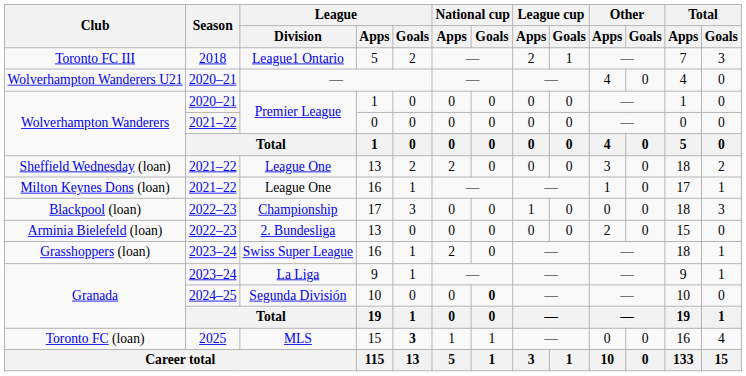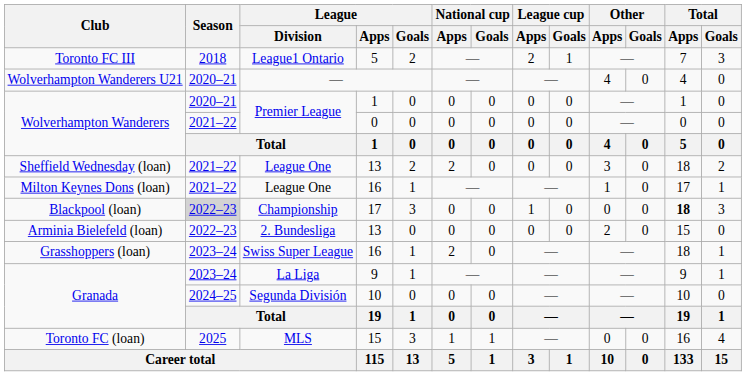 <table class="wikitable" style="text-align:center">
 <tr>
 <th rowspan="2">Club</th>
 <th rowspan="2">Season</th>
 <th colspan="3">League</th>
 <th colspan="2">National cup</th>
 <th colspan="2">League cup</th>
 <th colspan="2">Other</th>
 <th colspan="2">Total</th>
 </tr>
 <tr>
 <th>Division</th>
 <th>Apps</th>
 <th>Goals</th>
 <th>Apps</th>
 <th>Goals</th>
 <th>Apps</th>
 <th>Goals</th>
 <th>Apps</th>
 <th>Goals</th>
 <th>Apps</th>
 <th>Goals</th>
 </tr>
 <tr>
 <td><a href='#'>Toronto FC III</a></td>
 <td><a href='#'>2018</a></td>
 <td><a href='#'>League1 Ontario</a></td>
 <td>5</td>
 <td>2</td>
 <td colspan="2">—</td>
 <td>2</td>
 <td>1</td>
 <td colspan="2">—</td>
 <td>7</td>
 <td>3</td>
 </tr>
 <tr>
 <td><a href='#'>Wolverhampton Wanderers U21</a></td>
 <td><a href='#'>2020–21</a></td>
 <td colspan="3">—</td>
 <td colspan="2">—</td>
 <td colspan="2">—</td>
 <td>4</td>
 <td>0</td>
 <td>4</td>
 <td>0</td>
 </tr>
 <tr>
 <td rowspan="3"><a href='#'>Wolverhampton Wanderers</a></td>
 <td><a href='#'>2020–21</a></td>
 <td rowspan="2"><a href='#'>Premier League</a></td>
 <td>1</td>
 <td>0</td>
 <td>0</td>
 <td>0</td>
 <td>0</td>
 <td>0</td>
 <td colspan="2">—</td>
 <td>1</td>
 <td>0</td>
 </tr>
 <tr>
 <td><a href='#'>2021–22</a></td>
 <td>0</td>
 <td>0</td>
 <td>0</td>
 <td>0</td>
 <td>0</td>
 <td>0</td>
 <td colspan="2">—</td>
 <td>0</td>
 <td>0</td>
 </tr>
 <tr>
 <th colspan="2">Total</th>
 <th>1</th>
 <th>0</th>
 <th>0</th>
 <th>0</th>
 <th>0</th>
 <th>0</th>
 <th>4</th>
 <th>0</th>
 <th>5</th>
 <th>0</th>
 </tr>
 <tr>
 <td><a href='#'>Sheffield Wednesday</a> (loan)</td>
 <td><a href='#'>2021–22</a></td>
 <td><a href='#'>League One</a></td>
 <td>13</td>
 <td>2</td>
 <td>2</td>
 <td>0</td>
 <td>0</td>
 <td>0</td>
 <td>3</td>
 <td>0</td>
 <td>18</td>
 <td>2</td>
 </tr>
 <tr>
 <td><a href='#'>Milton Keynes Dons</a> (loan)</td>
 <td><a href='#'>2021–22</a></td>
 <td>League One</td>
 <td>16</td>
 <td>1</td>
 <td colspan="2">—</td>
 <td colspan="2">—</td>
 <td>1</td>
 <td>0</td>
 <td>17</td>
 <td>1</td>
 </tr>
 <tr>
 <td><a href='#'>Blackpool</a> (loan)</td>
-<td><a href='#'>2022–23</a></td>
+<td style="background: lightgrey;"><a href='#'>2022–23</a></td>
 <td><a href='#'>Championship</a></td>
 <td>17</td>
 <td>3</td>
 <td>0</td>
 <td>0</td>
 <td>1</td>
 <td>0</td>
 <td>0</td>
 <td>0</td>
-<td>18</td>
+<td><strong>18</strong></td>
 <td>3</td>
 </tr>
 <tr>
 <td><a href='#'>Arminia Bielefeld</a> (loan)</td>
 <td><a href='#'>2022–23</a></td>
 <td><a href='#'>2. Bundesliga</a></td>
 <td>13</td>
 <td>0</td>
 <td>0</td>
 <td>0</td>
 <td>0</td>
 <td>0</td>
 <td>2</td>
 <td>0</td>
 <td>15</td>
 <td>0</td>
 </tr>
 <tr>
 <td><a href='#'>Grasshoppers</a> (loan)</td>
 <td><a href='#'>2023–24</a></td>
 <td><a href='#'>Swiss Super League</a></td>
 <td>16</td>
 <td>1</td>
 <td>2</td>
 <td>0</td>
 <td colspan="2">—</td>
 <td colspan="2">—</td>
 <td>18</td>
 <td>1</td>
 </tr>
 <tr>
 <td rowspan="3"><a href='#'>Granada</a></td>
 <td><a href='#'>2023–24</a></td>
 <td><a href='#'>La Liga</a></td>
 <td>9</td>
 <td>1</td>
 <td colspan="2">—</td>
 <td colspan="2">—</td>
 <td colspan="2">—</td>
 <td>9</td>
 <td>1</td>
 </tr>
 <tr>
 <td><a href='#'>2024–25</a></td>
 <td><a href='#'>Segunda División</a></td>
 <td>10</td>
 <td>0</td>
 <td>0</td>
-<td><strong>0</strong></td>
+<td>0</td>
 <td colspan="2">—</td>
 <td colspan="2">—</td>
 <td>10</td>
 <td>0</td>
 </tr>
 <tr>
 <th colspan="2">Total</th>
 <th>19</th>
 <th>1</th>
 <th>0</th>
 <th>0</th>
 <th colspan="2">—</th>
 <th colspan="2">—</th>
 <th>19</th>
 <th>1</th>
 </tr>
 <tr>
 <td><a href='#'>Toronto FC</a> (loan)</td>
 <td><a href='#'>2025</a></td>
 <td><a href='#'>MLS</a></td>
 <td>15</td>
-<td><strong>3</strong></td>
+<td>3</td>
 <td>1</td>
 <td>1</td>
 <td colspan="2">—</td>
 <td>0</td>
 <td>0</td>
 <td>16</td>
 <td>4</td>
 </tr>
 <tr>
 <th colspan="3">Career total</th>
 <th>115</th>
 <th>13</th>
 <th>5</th>
 <th>1</th>
 <th>3</th>
 <th>1</th>
 <th>10</th>
 <th>0</th>
 <th>133</th>
 <th>15</th>
 </tr>
 </table>
